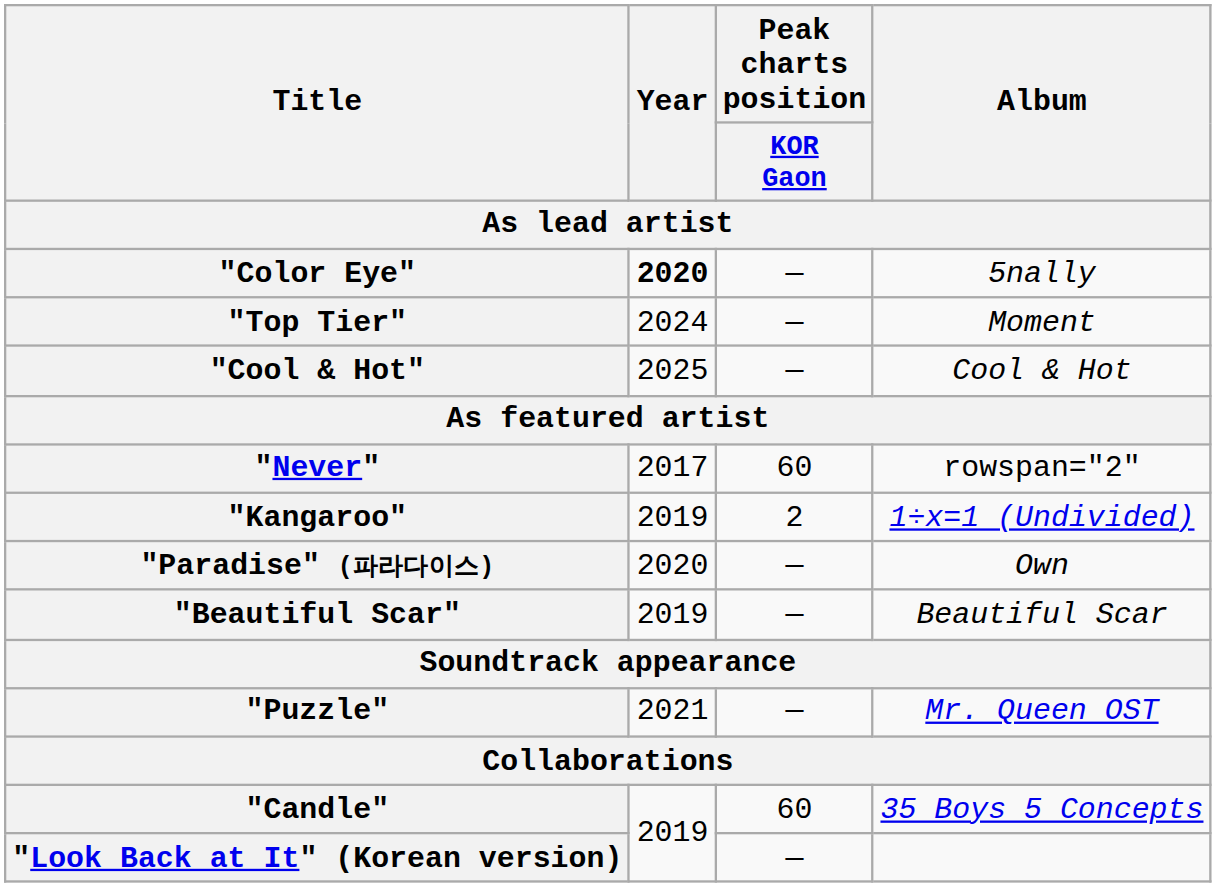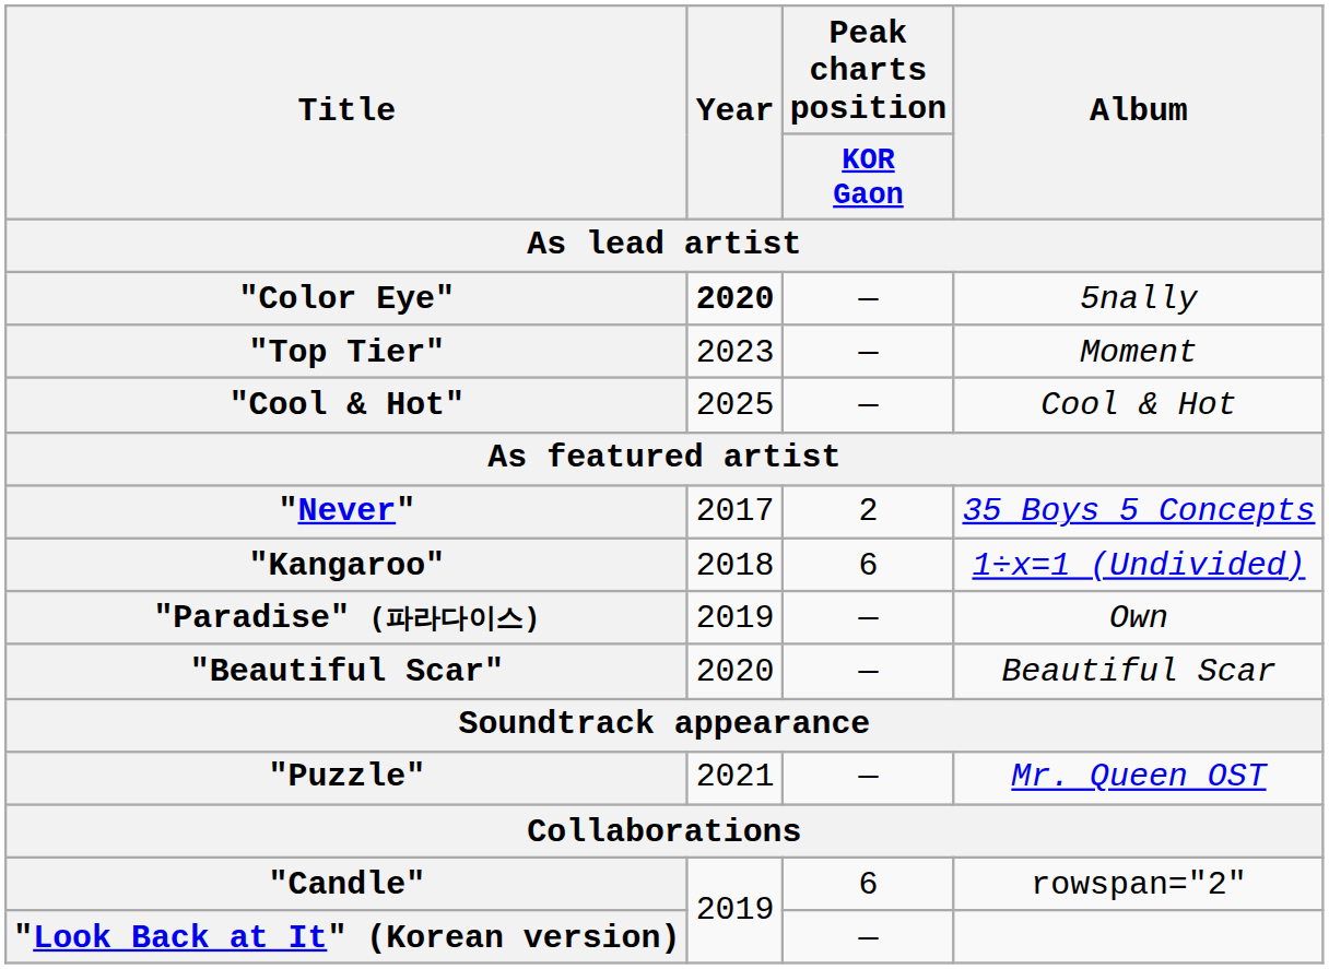 <table class="wikitable plainrowheaders" style="text-align:center;">
 <tr>
 <th rowspan="2">Title</th>
 <th rowspan="2">Year</th>
 <th colspan="1">Peak charts<br>position</th>
 <th rowspan="2">Album</th>
 </tr>
 <tr>
 <th style="font-size:90%;width:4em;"><a href='#'>KOR<br>Gaon</a><br></th>
 </tr>
 <tr>
 <th colspan="4">As lead artist</th>
 </tr>
 <tr>
 <th scope="row">"Color Eye"</th>
 <td><strong>2020</strong></td>
 <td>—</td>
 <td><em>5nally</em></td>
 </tr>
 <tr>
 <th scope="row">"Top Tier"</th>
-<td>2024</td>
+<td>2023</td>
 <td>—</td>
 <td><em>Moment</em></td>
 </tr>
 <tr>
 <th scope="row">"Cool & Hot" </th>
 <td>2025</td>
 <td>—</td>
 <td><em>Cool & Hot</em></td>
 </tr>
 <tr>
 <th colspan="4">As featured artist</th>
 </tr>
 <tr>
 <th scope="row">"<a href='#'>Never</a>" <div></div></th>
 <td>2017</td>
-<td>60</td>
-<td>rowspan="2"</td>
+<td>2</td>
+<td><em><a href='#'>35 Boys 5 Concepts</a></em></td>
 </tr>
 <tr>
 <th scope="row">"Kangaroo" </th>
-<td>2019</td>
-<td>2</td>
+<td>2018</td>
+<td>6</td>
 <td><em><a href='#'>1÷x=1 (Undivided)</a></em></td>
 </tr>
 <tr>
 <th scope="row">"Paradise" <small>(파라다이스)</small><br></th>
-<td>2020</td>
+<td>2019</td>
 <td>—</td>
 <td><em>Own</em></td>
 </tr>
 <tr>
 <th scope="row">"Beautiful Scar"<br></th>
-<td>2019</td>
+<td>2020</td>
 <td>—</td>
 <td><em>Beautiful Scar</em></td>
 </tr>
 <tr>
 <th colspan="5">Soundtrack appearance</th>
 </tr>
 <tr>
 <th scope="row">"Puzzle"<br></th>
 <td>2021</td>
 <td>—</td>
 <td><em><a href='#'>Mr. Queen OST</a></em></td>
 </tr>
 <tr>
 <th colspan="5">Collaborations</th>
 </tr>
 <tr>
 <th scope="row">"Candle"<br></th>
 <td rowspan="2">2019</td>
-<td>60</td>
-<td><em><a href='#'>35 Boys 5 Concepts</a></em></td>
+<td>6</td>
+<td>rowspan="2"</td>
 </tr>
 <tr>
 <th scope="row">"<a href='#'>Look Back at It</a>" (Korean version)<br></th>
 <td>—</td>
 </tr>
 </table>
